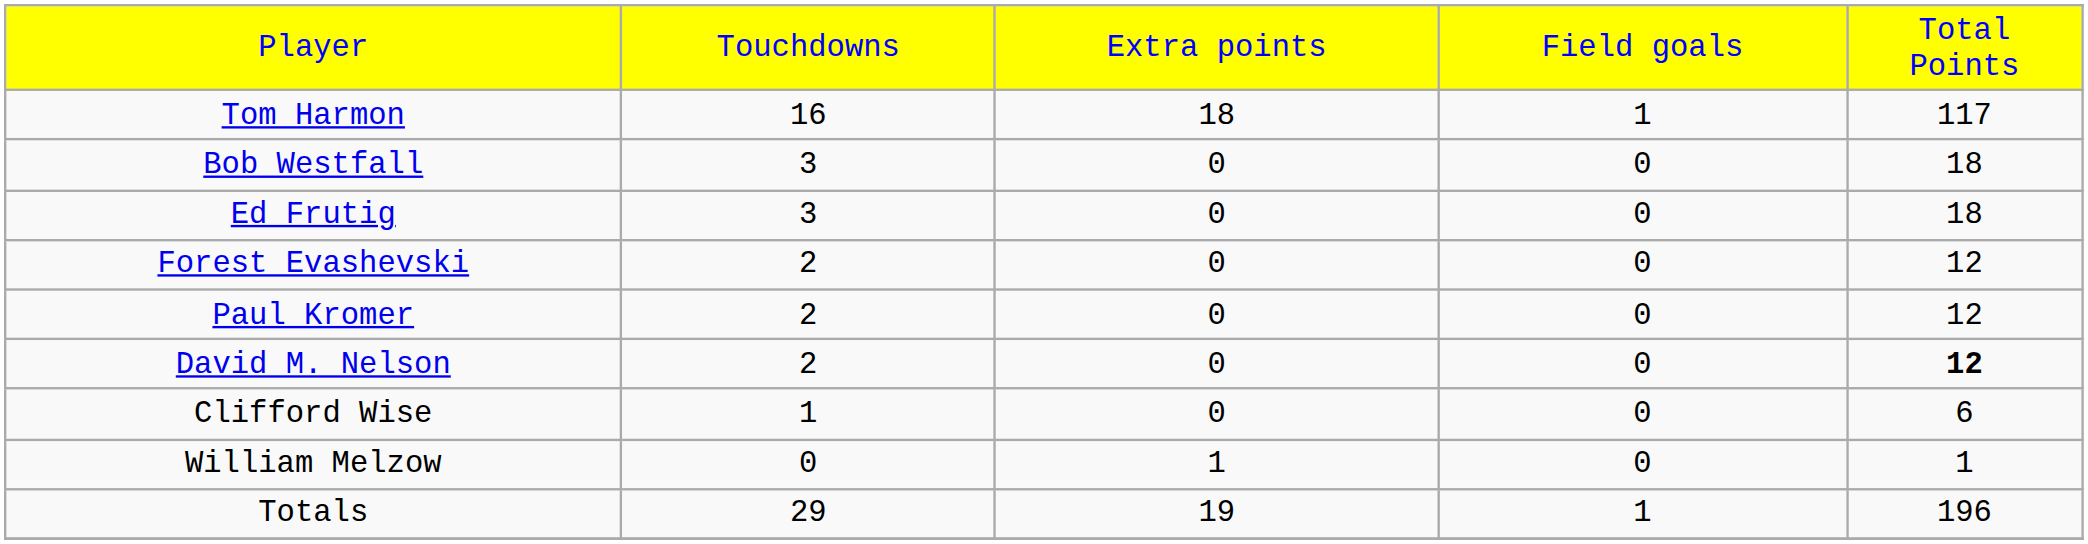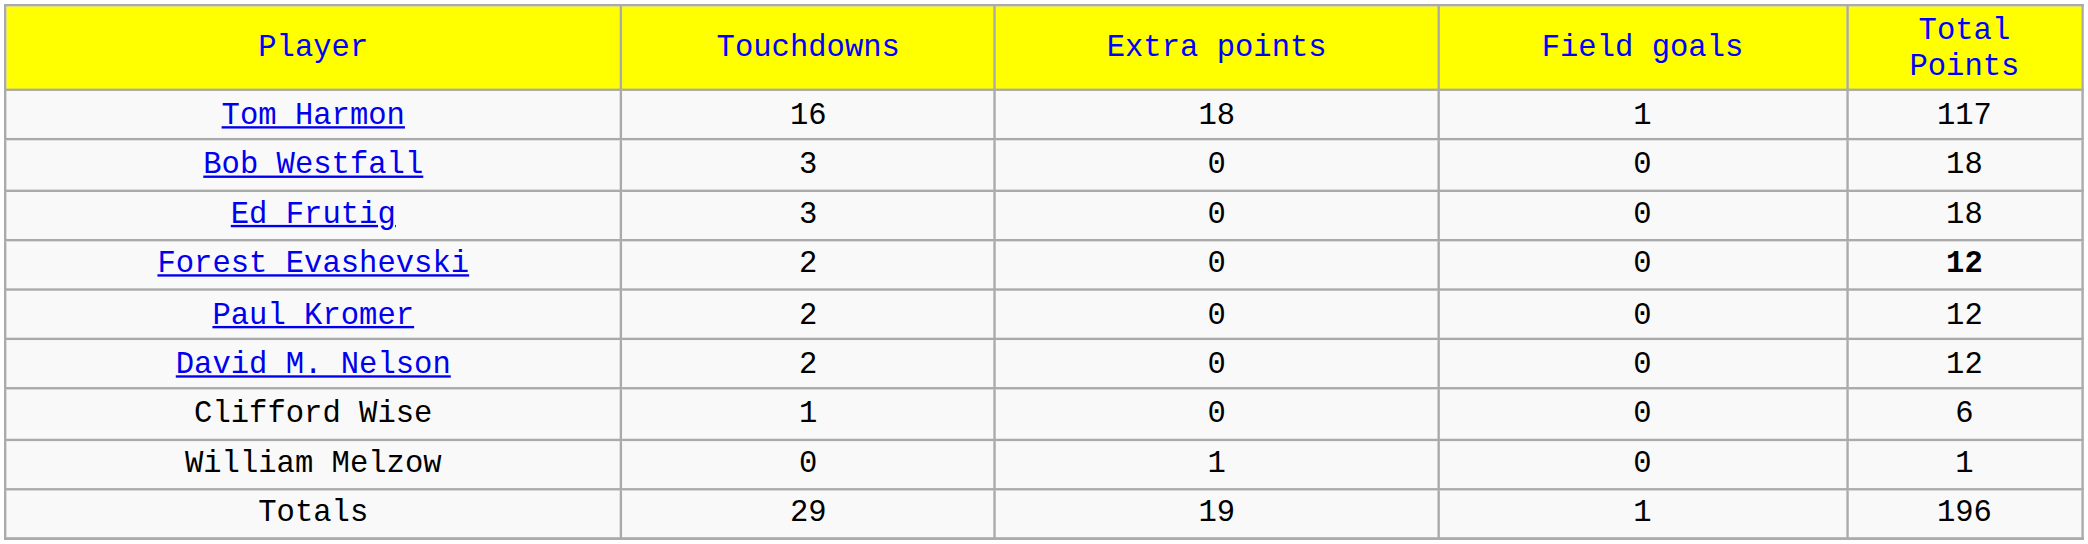 <table class="wikitable" width="70%">
 <tr align="center"  style="background:yellow;color:blue;">
 <td>Player</td>
 <td>Touchdowns</td>
 <td>Extra points</td>
 <td>Field goals</td>
 <td>Total<br>Points</td>
 </tr>
 <tr align="center" bgcolor="">
 <td><a href='#'>Tom Harmon</a></td>
 <td>16</td>
 <td>18</td>
 <td>1</td>
 <td>117</td>
 </tr>
 <tr align="center" bgcolor="">
 <td><a href='#'>Bob Westfall</a></td>
 <td>3</td>
 <td>0</td>
 <td>0</td>
 <td>18</td>
 </tr>
 <tr align="center" bgcolor="">
 <td><a href='#'>Ed Frutig</a></td>
 <td>3</td>
 <td>0</td>
 <td>0</td>
 <td>18</td>
 </tr>
 <tr align="center" bgcolor="">
 <td><a href='#'>Forest Evashevski</a></td>
 <td>2</td>
 <td>0</td>
 <td>0</td>
-<td>12</td>
+<td><strong>12</strong></td>
 </tr>
 <tr align="center" bgcolor="">
 <td><a href='#'>Paul Kromer</a></td>
 <td>2</td>
 <td>0</td>
 <td>0</td>
 <td>12</td>
 </tr>
 <tr align="center" bgcolor="">
 <td><a href='#'>David M. Nelson</a></td>
 <td>2</td>
 <td>0</td>
 <td>0</td>
-<td><strong>12</strong></td>
+<td>12</td>
 </tr>
 <tr align="center" bgcolor="">
 <td>Clifford Wise</td>
 <td>1</td>
 <td>0</td>
 <td>0</td>
 <td>6</td>
 </tr>
 <tr align="center" bgcolor="">
 <td>William Melzow</td>
 <td>0</td>
 <td>1</td>
 <td>0</td>
 <td>1</td>
 </tr>
 <tr align="center" bgcolor="">
 <td>Totals</td>
 <td>29</td>
 <td>19</td>
 <td>1</td>
 <td>196</td>
 </tr>
 <tr align="center" bgcolor="">
 </tr>
 </table>
